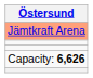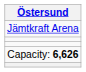 <table class=wikitable style="margin:1em auto; text-align:center;">
 <tr>
 <th><a href='#'>Östersund</a></th>
 </tr>
 <tr>
-<td style="background: lightsalmon;"><a href='#'>Jämtkraft Arena</a></td>
+<td><a href='#'>Jämtkraft Arena</a></td>
 </tr>
 <tr>
 <td></td>
 </tr>
 <tr>
 <td><small></small></td>
 </tr>
 <tr>
 <td>Capacity: <strong>6,626</strong></td>
 </tr>
 <tr>
 <th rowspan=15 colspan=2></th>
 </tr>
 </table>
